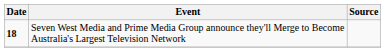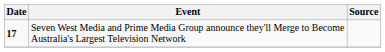 <table class="wikitable">
 <tr>
 <th>Date</th>
 <th>Event</th>
 <th>Source</th>
 </tr>
 <tr>
-<td><strong>18</strong></td>
+<td><strong>17</strong></td>
 <td>Seven West Media and Prime Media Group announce they'll Merge to Become Australia's Largest Television Network</td>
 <td></td>
 </tr>
 <tr>
 </tr>
 </table>
